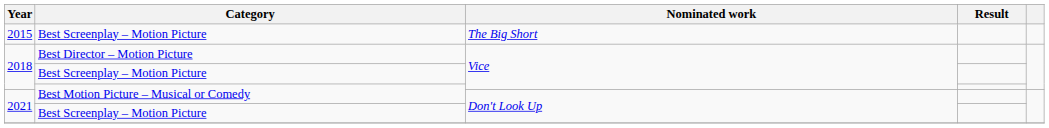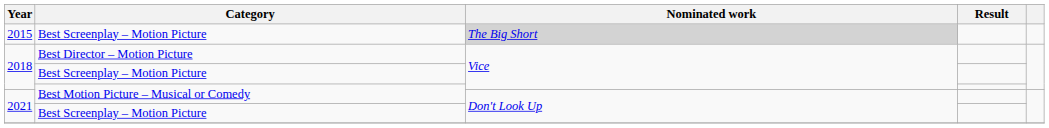 <table class=wikitable>
 <tr>
 <th scope="col" style="width:1em;">Year</th>
 <th scope="col" style="width:34em;">Category</th>
 <th scope="col" style="width:39em;">Nominated work</th>
 <th scope="col" style="width:5em;">Result</th>
 <th scope="col" style="width:1em;"></th>
 </tr>
 <tr>
 <td><a href='#'>2015</a></td>
 <td><a href='#'>Best Screenplay – Motion Picture</a></td>
-<td><em><a href='#'>The Big Short</a></em></td>
+<td style="background: lightgrey;"><em><a href='#'>The Big Short</a></em></td>
 <td></td>
 <td></td>
 </tr>
 <tr>
 <td rowspan="3"><a href='#'>2018</a></td>
 <td><a href='#'>Best Director – Motion Picture</a></td>
 <td rowspan="3"><em><a href='#'>Vice</a></em></td>
 <td></td>
 <td rowspan="3"></td>
 </tr>
 <tr>
 <td><a href='#'>Best Screenplay – Motion Picture</a></td>
 <td></td>
 </tr>
 <tr>
 <td rowspan=2><a href='#'>Best Motion Picture – Musical or Comedy</a></td>
 <td></td>
 </tr>
 <tr>
 <td rowspan="2"><a href='#'>2021</a></td>
 <td rowspan="2"><em><a href='#'>Don't Look Up</a></em></td>
 <td></td>
 <td rowspan="2"></td>
 </tr>
 <tr>
 <td><a href='#'>Best Screenplay – Motion Picture</a></td>
 <td></td>
 </tr>
 <tr>
 </tr>
 </table>
